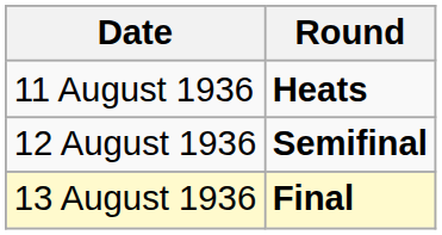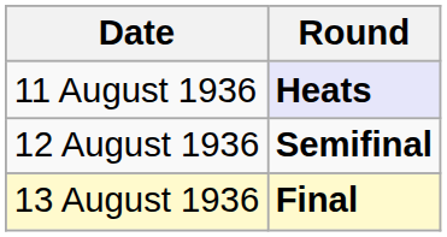 <table class="wikitable">
 <tr>
 <th>Date</th>
 <th>Round</th>
 </tr>
 <tr>
 <td>11 August 1936</td>
-<td><strong>Heats</strong></td>
+<td style="background: lavender;"><strong>Heats</strong></td>
 </tr>
 <tr>
 <td>12 August 1936</td>
 <td><strong>Semifinal</strong></td>
 </tr>
 <tr>
 <td style=background:lemonchiffon>13 August 1936</td>
 <td style=background:lemonchiffon><strong>Final</strong></td>
 </tr>
 </table>
